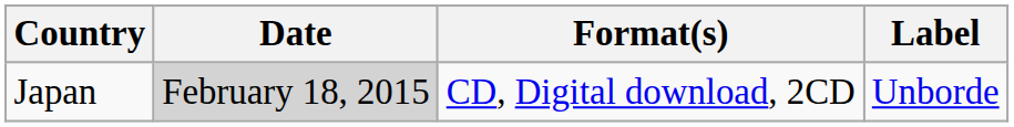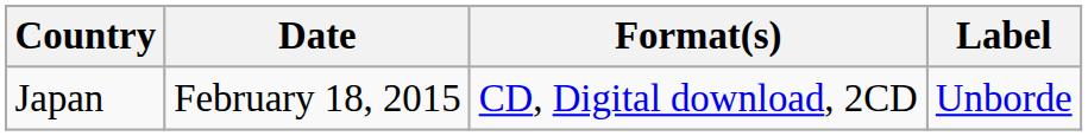 <table class="wikitable">
 <tr>
 <th>Country</th>
 <th>Date</th>
 <th>Format(s)</th>
 <th>Label</th>
 </tr>
 <tr>
 <td>Japan</td>
-<td style="background: lightgrey;">February 18, 2015</td>
+<td>February 18, 2015</td>
 <td rowspan="2"><a href='#'>CD</a>, <a href='#'>Digital download</a>, 2CD</td>
 <td><a href='#'>Unborde</a></td>
 </tr>
 </table>
